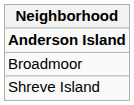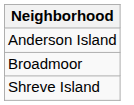 <table class="wikitable sortable">
 <tr>
 <th>Neighborhood</th>
 </tr>
 <tr>
-<td><strong>Anderson Island</strong></td>
+<td>Anderson Island</td>
 </tr>
 <tr>
 <td>Broadmoor</td>
 </tr>
 <tr>
 <td>Shreve Island</td>
 </tr>
 </table>
